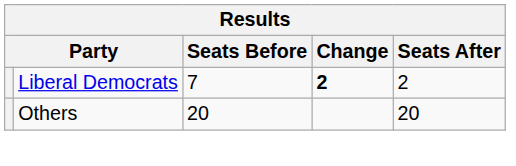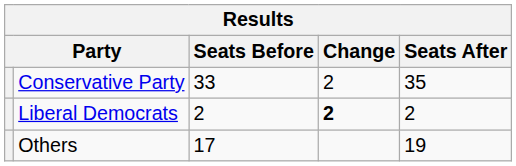 <table class="wikitable">
 <tr>
 <th colspan="5">Results</th>
 </tr>
 <tr>
 <th colspan="2">Party</th>
 <th>Seats Before</th>
 <th>Change</th>
 <th>Seats After</th>
 </tr>
 <tr>
 <th class="unsortable" style="background-color: "></th>
+<td><a href='#'>Conservative Party</a></td>
+<td>33</td>
+<td>2</td>
+<td>35</td>
+</tr>
+<tr>
+<th class="unsortable" style="background-color: "></th>
 <td><a href='#'>Liberal Democrats</a></td>
-<td>7</td>
+<td>2</td>
 <td><strong>2</strong></td>
 <td>2</td>
 </tr>
 <tr>
 <th></th>
 <td>Others</td>
-<td>20</td>
+<td>17</td>
 <td></td>
-<td>20</td>
+<td>19</td>
 </tr>
 </table>
